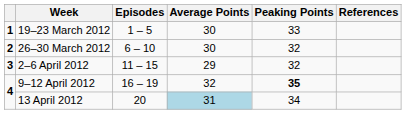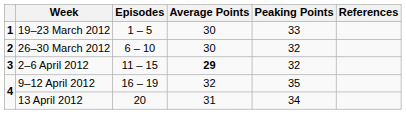 <table class="wikitable" style="text-align:center;">
 <tr>
 <th></th>
 <th>Week</th>
 <th>Episodes</th>
 <th>Average Points</th>
 <th>Peaking Points</th>
 <th>References</th>
 </tr>
 <tr>
 <td><strong>1</strong></td>
 <td style="text-align:left;">19–23 March 2012</td>
 <td>1 – 5</td>
 <td>30</td>
 <td>33</td>
 <td></td>
 </tr>
 <tr>
 <td><strong>2</strong></td>
 <td style="text-align:left;">26–30 March 2012</td>
 <td>6 – 10</td>
 <td>30</td>
 <td>32</td>
 <td></td>
 </tr>
 <tr>
 <td><strong>3</strong></td>
 <td style="text-align:left;">2–6 April 2012</td>
 <td>11 – 15</td>
-<td>29</td>
+<td><strong>29</strong></td>
 <td>32</td>
 <td></td>
 </tr>
 <tr>
 <td rowspan=2><strong>4</strong></td>
 <td style="text-align:left;">9–12 April 2012</td>
 <td>16 – 19</td>
 <td>32</td>
-<td><strong>35</strong></td>
+<td>35</td>
 <td></td>
 </tr>
 <tr>
 <td style="text-align:left;">13 April 2012</td>
 <td>20</td>
-<td style="background: lightblue;">31</td>
+<td>31</td>
 <td>34</td>
 <td></td>
 </tr>
 </table>
